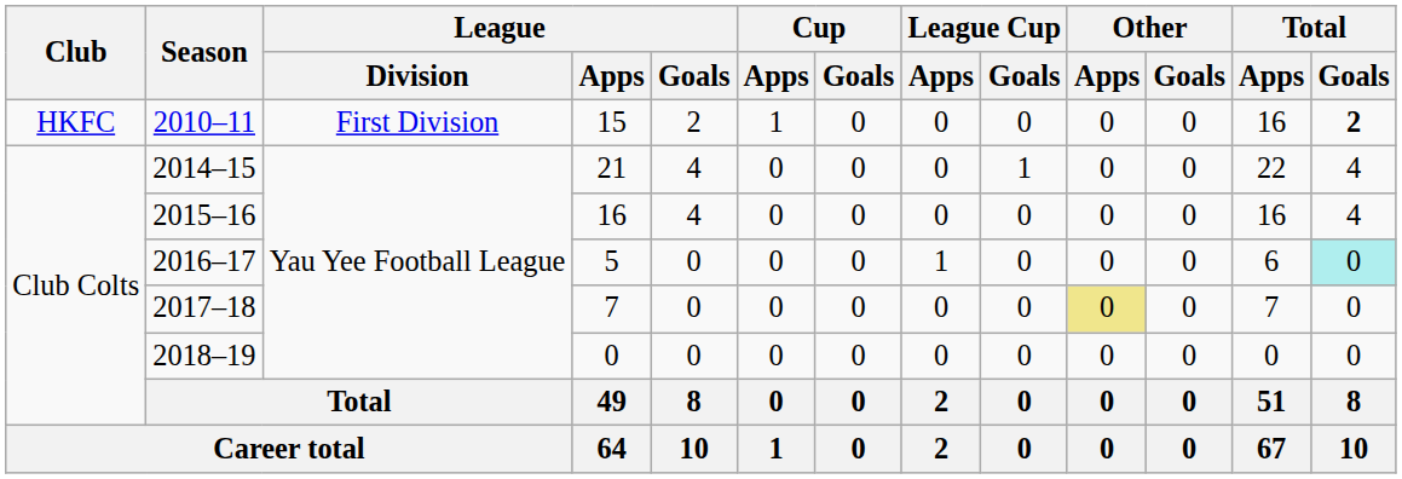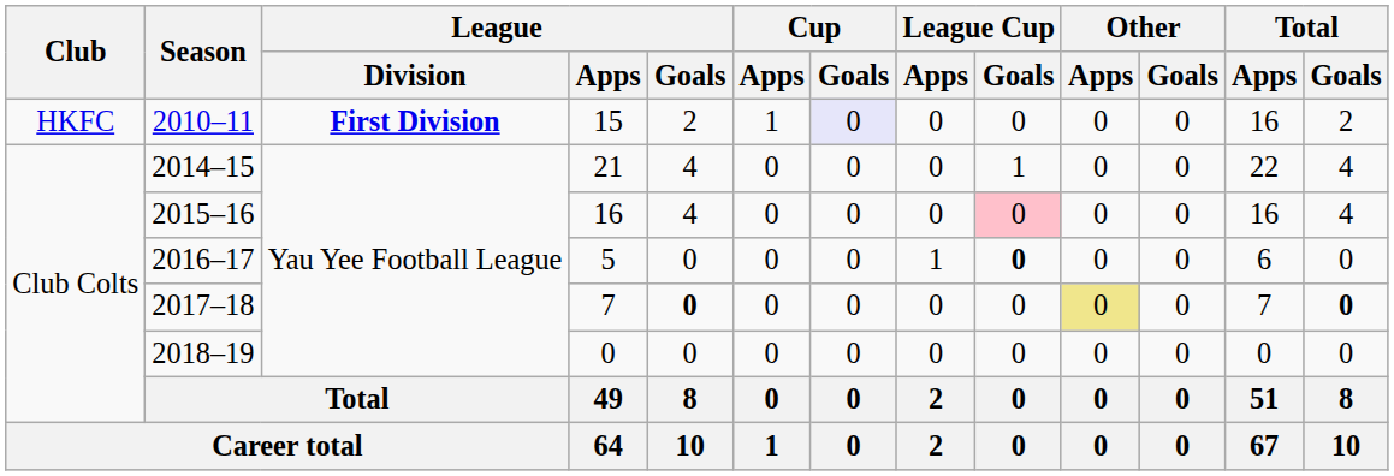 <table class="wikitable" style="text-align: center">
 <tr>
 <th rowspan="2">Club</th>
 <th rowspan="2">Season</th>
 <th colspan="3">League</th>
 <th colspan="2">Cup</th>
 <th colspan="2">League Cup</th>
 <th colspan="2">Other</th>
 <th colspan="2">Total</th>
 </tr>
 <tr>
 <th>Division</th>
 <th>Apps</th>
 <th>Goals</th>
 <th>Apps</th>
 <th>Goals</th>
 <th>Apps</th>
 <th>Goals</th>
 <th>Apps</th>
 <th>Goals</th>
 <th>Apps</th>
 <th>Goals</th>
 </tr>
 <tr>
 <td><a href='#'>HKFC</a></td>
 <td><a href='#'>2010–11</a></td>
-<td><a href='#'>First Division</a></td>
+<td><strong><a href='#'>First Division</a></strong></td>
 <td>15</td>
 <td>2</td>
 <td>1</td>
-<td>0</td>
+<td style="background: lavender;">0</td>
 <td>0</td>
 <td>0</td>
 <td>0</td>
 <td>0</td>
 <td>16</td>
-<td><strong>2</strong></td>
+<td>2</td>
 </tr>
 <tr>
 <td rowspan="6">Club Colts</td>
 <td>2014–15</td>
 <td rowspan="5">Yau Yee Football League</td>
 <td>21</td>
 <td>4</td>
 <td>0</td>
 <td>0</td>
 <td>0</td>
 <td>1</td>
 <td>0</td>
 <td>0</td>
 <td>22</td>
 <td>4</td>
 </tr>
 <tr>
 <td>2015–16</td>
 <td>16</td>
 <td>4</td>
 <td>0</td>
 <td>0</td>
 <td>0</td>
-<td>0</td>
+<td style="background: pink;">0</td>
 <td>0</td>
 <td>0</td>
 <td>16</td>
 <td>4</td>
 </tr>
 <tr>
 <td>2016–17</td>
 <td>5</td>
 <td>0</td>
 <td>0</td>
 <td>0</td>
 <td>1</td>
-<td>0</td>
+<td><strong>0</strong></td>
 <td>0</td>
 <td>0</td>
 <td>6</td>
-<td style="background: paleturquoise;">0</td>
+<td>0</td>
 </tr>
 <tr>
 <td>2017–18</td>
 <td>7</td>
-<td>0</td>
+<td><strong>0</strong></td>
 <td>0</td>
 <td>0</td>
 <td>0</td>
 <td>0</td>
 <td style="background: khaki;">0</td>
 <td>0</td>
 <td>7</td>
-<td>0</td>
+<td><strong>0</strong></td>
 </tr>
 <tr>
 <td>2018–19</td>
 <td>0</td>
 <td>0</td>
 <td>0</td>
 <td>0</td>
 <td>0</td>
 <td>0</td>
 <td>0</td>
 <td>0</td>
 <td>0</td>
 <td>0</td>
 </tr>
 <tr>
 <th colspan="2">Total</th>
 <th>49</th>
 <th>8</th>
 <th>0</th>
 <th>0</th>
 <th>2</th>
 <th>0</th>
 <th>0</th>
 <th>0</th>
 <th>51</th>
 <th>8</th>
 </tr>
 <tr>
 <th colspan="3">Career total</th>
 <th>64</th>
 <th>10</th>
 <th>1</th>
 <th>0</th>
 <th>2</th>
 <th>0</th>
 <th>0</th>
 <th>0</th>
 <th>67</th>
 <th>10</th>
 </tr>
 </table>
